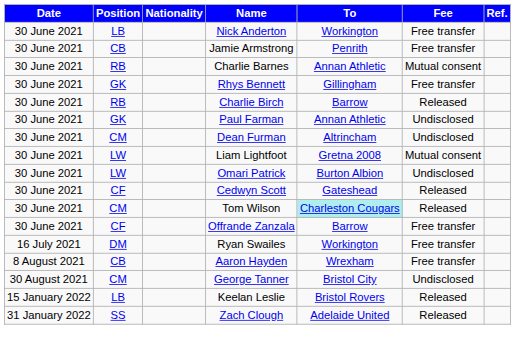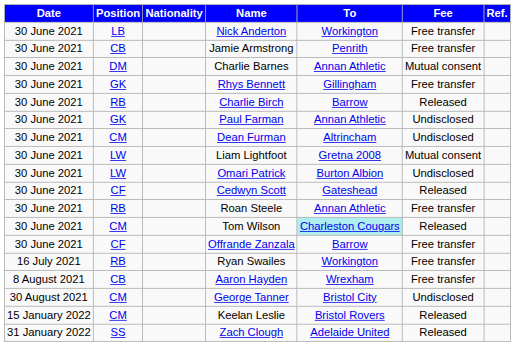 <table class="wikitable"  style="text-align:center; font-size:90%; ">
 <tr>
 <th style="background:#0000FF;color:white;">Date</th>
 <th style="background:#0000FF;color:white;">Position</th>
 <th style="background:#0000FF;color:white;">Nationality</th>
 <th style="background:#0000FF;color:white;">Name</th>
 <th style="background:#0000FF;color:white;">To</th>
 <th style="background:#0000FF;color:white;">Fee</th>
 <th style="background:#0000FF;color:white;">Ref.</th>
 </tr>
 <tr>
 <td>30 June 2021</td>
 <td><a href='#'>LB</a></td>
 <td></td>
 <td><a href='#'>Nick Anderton</a></td>
 <td> <a href='#'>Workington</a></td>
 <td>Free transfer</td>
 <td></td>
 </tr>
 <tr>
 <td>30 June 2021</td>
 <td><a href='#'>CB</a></td>
 <td></td>
 <td>Jamie Armstrong</td>
 <td> <a href='#'>Penrith</a></td>
 <td>Free transfer</td>
 <td></td>
 </tr>
 <tr>
 <td>30 June 2021</td>
-<td><a href='#'>RB</a></td>
+<td><a href='#'>DM</a></td>
 <td></td>
 <td>Charlie Barnes</td>
 <td> <a href='#'>Annan Athletic</a></td>
 <td>Mutual consent</td>
 <td></td>
 </tr>
 <tr>
 <td>30 June 2021</td>
 <td><a href='#'>GK</a></td>
 <td></td>
 <td><a href='#'>Rhys Bennett</a></td>
 <td> <a href='#'>Gillingham</a></td>
 <td>Free transfer</td>
 <td></td>
 </tr>
 <tr>
 <td>30 June 2021</td>
 <td><a href='#'>RB</a></td>
 <td></td>
 <td><a href='#'>Charlie Birch</a></td>
 <td> <a href='#'>Barrow</a></td>
 <td>Released</td>
 <td></td>
 </tr>
 <tr>
 <td>30 June 2021</td>
 <td><a href='#'>GK</a></td>
 <td></td>
 <td><a href='#'>Paul Farman</a></td>
 <td> <a href='#'>Annan Athletic</a></td>
 <td>Undisclosed</td>
 <td></td>
 </tr>
 <tr>
 <td>30 June 2021</td>
 <td><a href='#'>CM</a></td>
 <td></td>
 <td><a href='#'>Dean Furman</a></td>
 <td> <a href='#'>Altrincham</a></td>
 <td>Undisclosed</td>
 <td></td>
 </tr>
 <tr>
 <td>30 June 2021</td>
 <td><a href='#'>LW</a></td>
 <td></td>
 <td>Liam Lightfoot</td>
 <td> <a href='#'>Gretna 2008</a></td>
 <td>Mutual consent</td>
 <td></td>
 </tr>
 <tr>
 <td>30 June 2021</td>
 <td><a href='#'>LW</a></td>
 <td></td>
 <td><a href='#'>Omari Patrick</a></td>
 <td> <a href='#'>Burton Albion</a></td>
 <td>Undisclosed</td>
 <td></td>
 </tr>
 <tr>
 <td>30 June 2021</td>
 <td><a href='#'>CF</a></td>
 <td></td>
 <td><a href='#'>Cedwyn Scott</a></td>
 <td> <a href='#'>Gateshead</a></td>
 <td>Released</td>
 <td></td>
 </tr>
 <tr>
 <td>30 June 2021</td>
+<td><a href='#'>RB</a></td>
+<td></td>
+<td>Roan Steele</td>
+<td> <a href='#'>Annan Athletic</a></td>
+<td>Free transfer</td>
+<td></td>
+</tr>
+<tr>
+<td>30 June 2021</td>
 <td><a href='#'>CM</a></td>
 <td></td>
 <td>Tom Wilson</td>
 <td style="background: paleturquoise;"> <a href='#'>Charleston Cougars</a></td>
 <td>Released</td>
 <td></td>
 </tr>
 <tr>
 <td>30 June 2021</td>
 <td><a href='#'>CF</a></td>
 <td></td>
 <td><a href='#'>Offrande Zanzala</a></td>
 <td> <a href='#'>Barrow</a></td>
 <td>Free transfer</td>
 <td></td>
 </tr>
 <tr>
 <td>16 July 2021</td>
-<td><a href='#'>DM</a></td>
+<td><a href='#'>RB</a></td>
 <td></td>
 <td>Ryan Swailes</td>
 <td> <a href='#'>Workington</a></td>
 <td>Free transfer</td>
 <td></td>
 </tr>
 <tr>
 <td>8 August 2021</td>
 <td><a href='#'>CB</a></td>
 <td></td>
 <td><a href='#'>Aaron Hayden</a></td>
 <td> <a href='#'>Wrexham</a></td>
 <td>Free transfer</td>
 <td></td>
 </tr>
 <tr>
 <td>30 August 2021</td>
 <td><a href='#'>CM</a></td>
 <td></td>
 <td><a href='#'>George Tanner</a></td>
 <td> <a href='#'>Bristol City</a></td>
 <td>Undisclosed</td>
 <td></td>
 </tr>
 <tr>
 <td>15 January 2022</td>
-<td><a href='#'>LB</a></td>
+<td><a href='#'>CM</a></td>
 <td></td>
 <td>Keelan Leslie</td>
 <td> <a href='#'>Bristol Rovers</a></td>
 <td>Released</td>
 <td></td>
 </tr>
 <tr>
 <td>31 January 2022</td>
 <td><a href='#'>SS</a></td>
 <td></td>
 <td><a href='#'>Zach Clough</a></td>
 <td> <a href='#'>Adelaide United</a></td>
 <td>Released</td>
 <td></td>
 </tr>
 </table>
